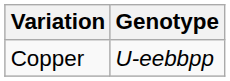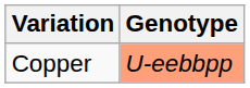 <table class="wikitable" style="margin:1em auto;">
 <tr>
 <th>Variation</th>
 <th>Genotype</th>
 </tr>
 <tr>
 <td>Copper</td>
-<td><em>U-eebbpp</em></td>
+<td style="background: lightsalmon;"><em>U-eebbpp</em></td>
 </tr>
 </table>
